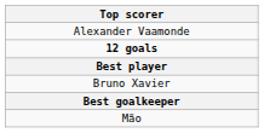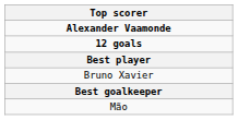 <table class="wikitable" style="margin: 1em auto 1em auto;">
 <tr>
 <th width=300>Top scorer</th>
 </tr>
 <tr align=center style="background: ">
-<td style="text-align:center;"> Alexander Vaamonde</td>
+<td style="text-align:center;"><strong> Alexander Vaamonde</strong></td>
 </tr>
 <tr>
 <td style="text-align:center;"><strong>12 goals</strong></td>
 </tr>
 <tr>
 <th>Best player</th>
 </tr>
 <tr>
 <td style="text-align:center;"> Bruno Xavier</td>
 </tr>
 <tr>
 <th>Best goalkeeper</th>
 </tr>
 <tr>
 <td style="text-align:center;"> Mão</td>
 </tr>
 </table>
